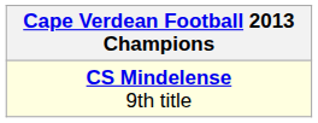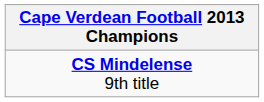 <table class="wikitable" style="margin: 0 auto; width: 240px;">
 <tr>
 <th><a href='#'>Cape Verdean Football</a> 2013<br>Champions</th>
 </tr>
 <tr>
-<td align=center style="background: lightyellow;"><strong><a href='#'>CS Mindelense</a></strong><br>9th title</td>
+<td align=center><strong><a href='#'>CS Mindelense</a></strong><br>9th title</td>
 </tr>
 </table>
